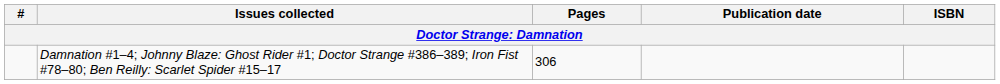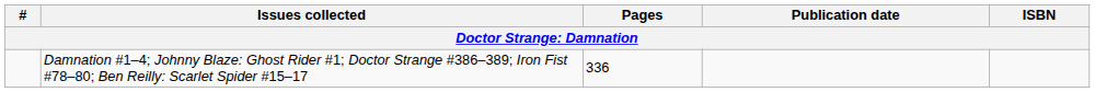 <table class="wikitable sortable" width=98%>
 <tr>
 <th class="unsortable">#</th>
 <th class="unsortable" width="50%">Issues collected</th>
 <th>Pages</th>
 <th>Publication date</th>
 <th class="unsortable">ISBN</th>
 </tr>
 <tr>
 <th colspan="5"><strong><em><a href='#'>Doctor Strange: Damnation</a></em></strong></th>
 </tr>
 <tr>
 <td></td>
 <td><em>Damnation</em> #1–4; <em>Johnny Blaze: Ghost Rider</em> #1; <em>Doctor Strange</em> #386–389; <em>Iron Fist</em> #78–80; <em>Ben Reilly: Scarlet Spider</em> #15–17</td>
-<td>306</td>
+<td>336</td>
 <td></td>
 <td></td>
 </tr>
 </table>
